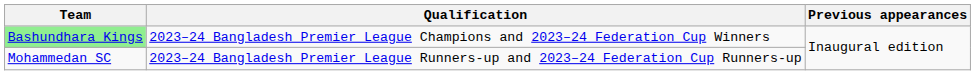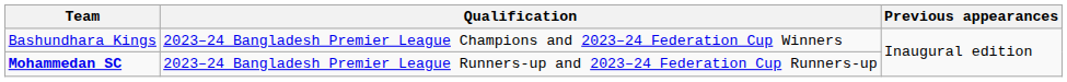 <table class="wikitable">
 <tr>
 <th>Team</th>
 <th>Qualification</th>
 <th>Previous appearances</th>
 </tr>
 <tr>
-<td style="background: lightgreen;"><a href='#'>Bashundhara Kings</a></td>
+<td><a href='#'>Bashundhara Kings</a></td>
 <td><a href='#'>2023–24 Bangladesh Premier League</a> Champions and <a href='#'>2023–24 Federation Cup</a> Winners</td>
 <td rowspan="2">Inaugural edition</td>
 </tr>
 <tr>
-<td><a href='#'>Mohammedan SC</a></td>
+<td><strong><a href='#'>Mohammedan SC</a></strong></td>
 <td><a href='#'>2023–24 Bangladesh Premier League</a> Runners-up and <a href='#'>2023–24 Federation Cup</a> Runners-up</td>
 </tr>
 </table>
